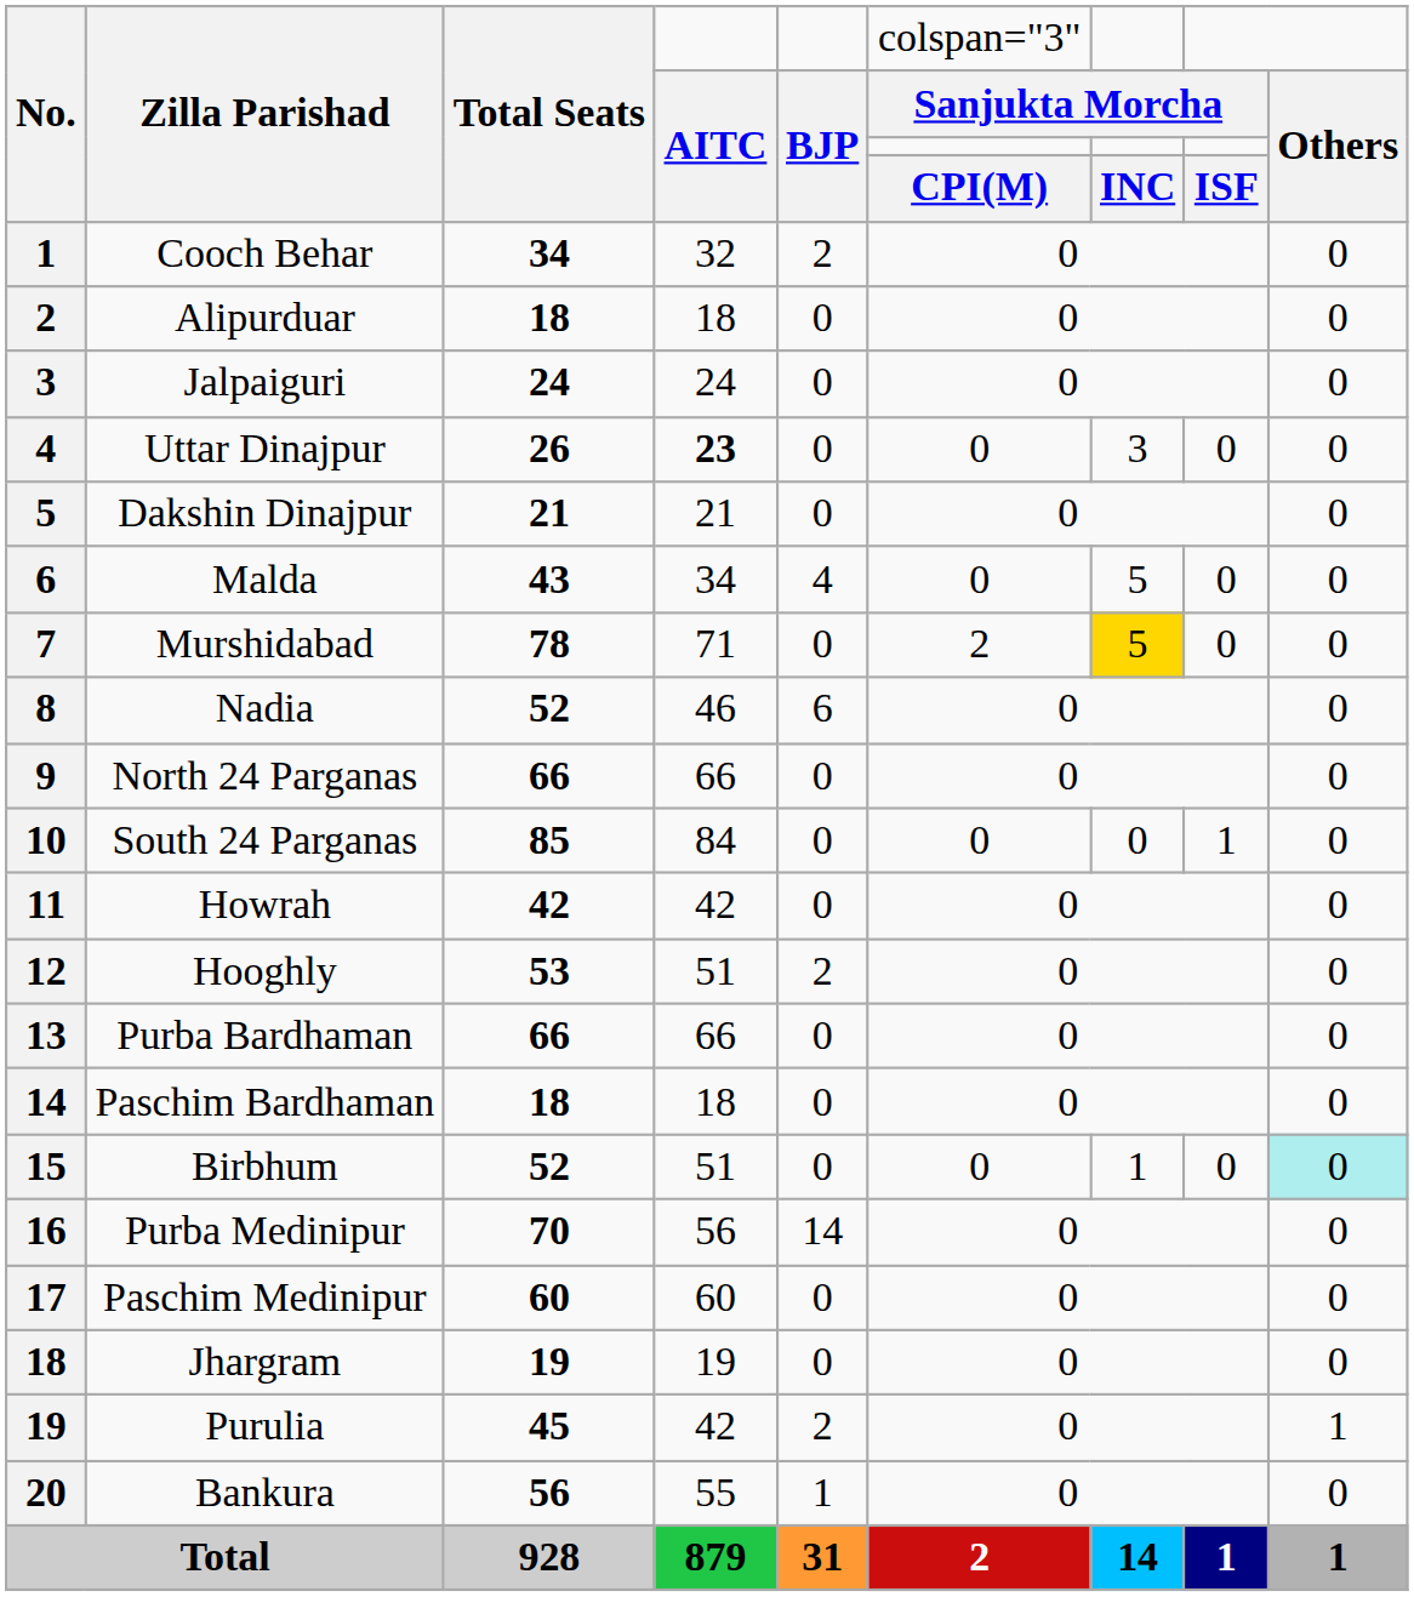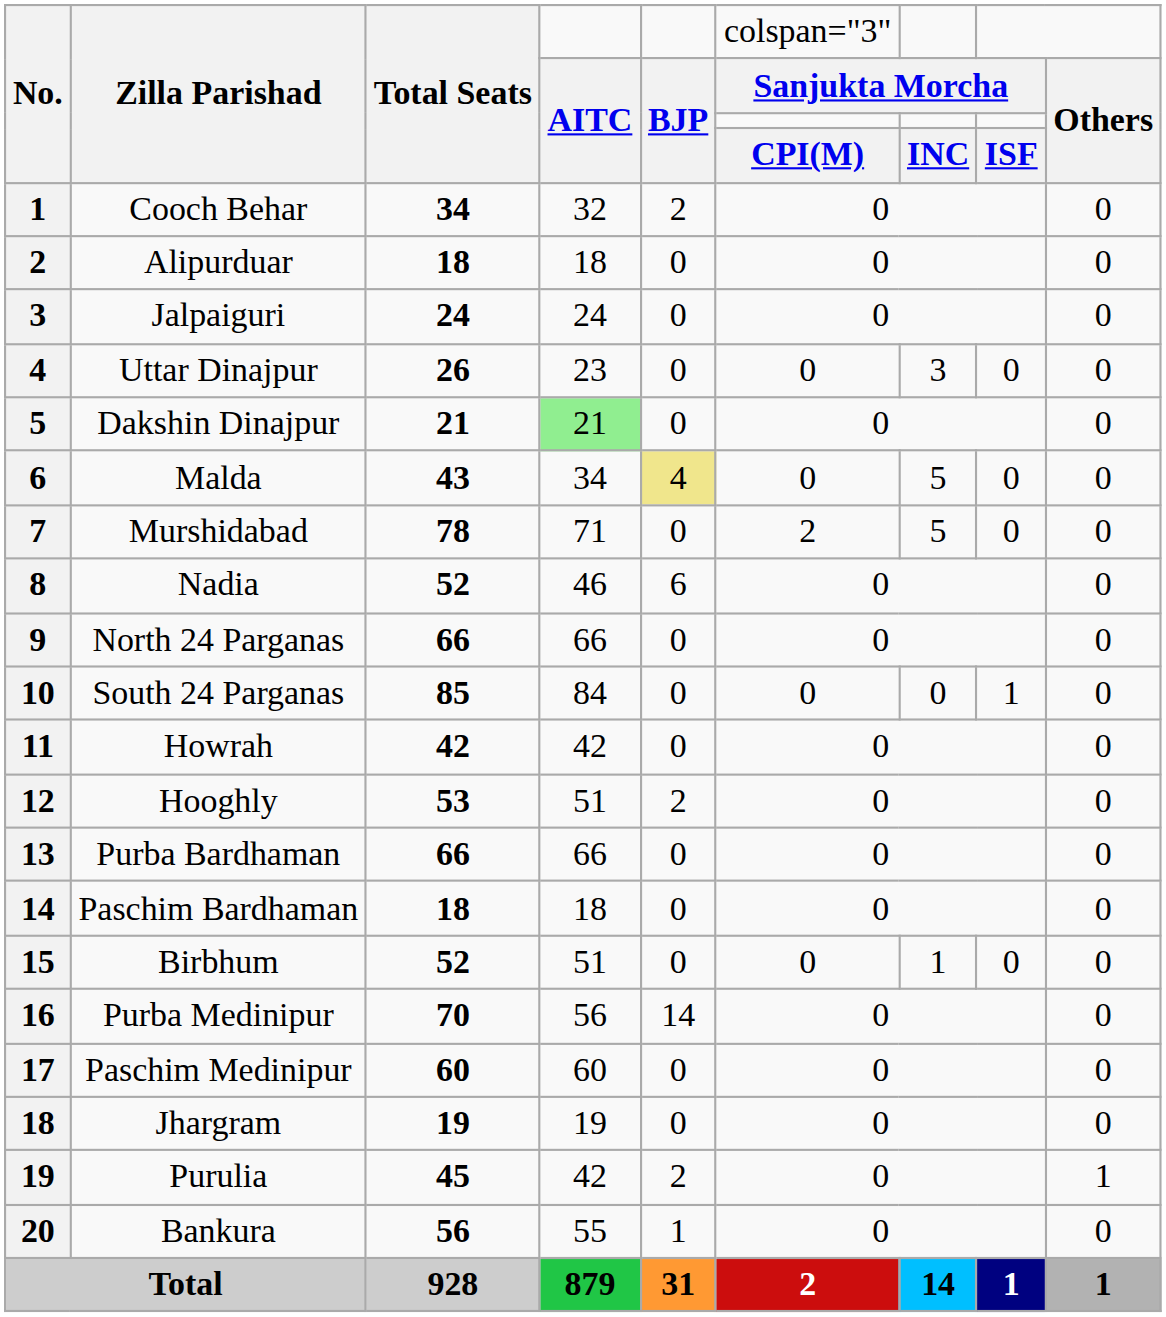 <table class="wikitable sortable" style="text-align:center">
 <tr>
 <th rowspan=4 align="Centre">No.</th>
 <th rowspan=4 align="Centre">Zilla Parishad</th>
 <th rowspan=4 align="Centre">Total Seats</th>
 <td></td>
 <td></td>
 <td>colspan="3" </td>
 <td></td>
 </tr>
 <tr>
 <th rowspan=3><a href='#'>AITC</a></th>
 <th rowspan=3><a href='#'>BJP</a></th>
 <th colspan="3"><a href='#'>Sanjukta Morcha</a></th>
 <th rowspan=3>Others</th>
 </tr>
 <tr>
 <td></td>
 <td></td>
 <td></td>
 </tr>
 <tr>
 <th><a href='#'>CPI(M)</a></th>
 <th><a href='#'>INC</a></th>
 <th><a href='#'>ISF</a></th>
 </tr>
 <tr>
 <th>1</th>
 <td>Cooch Behar</td>
 <td><strong>34</strong></td>
 <td>32</td>
 <td>2</td>
 <td colspan=3>0</td>
 <td>0</td>
 </tr>
 <tr>
 <th>2</th>
 <td>Alipurduar</td>
 <td><strong>18</strong></td>
 <td>18</td>
 <td>0</td>
 <td colspan=3>0</td>
 <td>0</td>
 </tr>
 <tr>
 <th>3</th>
 <td>Jalpaiguri</td>
 <td><strong>24</strong></td>
 <td>24</td>
 <td>0</td>
 <td colspan=3>0</td>
 <td>0</td>
 </tr>
 <tr>
 <th>4</th>
 <td>Uttar Dinajpur</td>
 <td><strong>26</strong></td>
-<td><strong>23</strong></td>
+<td>23</td>
 <td>0</td>
 <td>0</td>
 <td>3</td>
 <td>0</td>
 <td>0</td>
 </tr>
 <tr>
 <th>5</th>
 <td>Dakshin Dinajpur</td>
 <td><strong>21</strong></td>
-<td>21</td>
+<td style="background: lightgreen;">21</td>
 <td>0</td>
 <td colspan=3>0</td>
 <td>0</td>
 </tr>
 <tr>
 <th>6</th>
 <td>Malda</td>
 <td><strong>43</strong></td>
 <td>34</td>
-<td>4</td>
+<td style="background: khaki;">4</td>
 <td>0</td>
 <td>5</td>
 <td>0</td>
 <td>0</td>
 </tr>
 <tr>
 <th>7</th>
 <td>Murshidabad</td>
 <td><strong>78</strong></td>
 <td>71</td>
 <td>0</td>
 <td>2</td>
-<td style="background: gold;">5</td>
+<td>5</td>
 <td>0</td>
 <td>0</td>
 </tr>
 <tr>
 <th>8</th>
 <td>Nadia</td>
 <td><strong>52</strong></td>
 <td>46</td>
 <td>6</td>
 <td colspan=3>0</td>
 <td>0</td>
 </tr>
 <tr>
 <th>9</th>
 <td>North 24 Parganas</td>
 <td><strong>66</strong></td>
 <td>66</td>
 <td>0</td>
 <td colspan=3>0</td>
 <td>0</td>
 </tr>
 <tr>
 <th>10</th>
 <td>South 24 Parganas</td>
 <td><strong>85</strong></td>
 <td>84</td>
 <td>0</td>
 <td>0</td>
 <td>0</td>
 <td>1</td>
 <td>0</td>
 </tr>
 <tr>
 <th>11</th>
 <td>Howrah</td>
 <td><strong>42</strong></td>
 <td>42</td>
 <td>0</td>
 <td colspan=3>0</td>
 <td>0</td>
 </tr>
 <tr>
 <th>12</th>
 <td>Hooghly</td>
 <td><strong>53</strong></td>
 <td>51</td>
 <td>2</td>
 <td colspan=3>0</td>
 <td>0</td>
 </tr>
 <tr>
 <th>13</th>
 <td>Purba Bardhaman</td>
 <td><strong>66</strong></td>
 <td>66</td>
 <td>0</td>
 <td colspan=3>0</td>
 <td>0</td>
 </tr>
 <tr>
 <th>14</th>
 <td>Paschim Bardhaman</td>
 <td><strong>18</strong></td>
 <td>18</td>
 <td>0</td>
 <td colspan=3>0</td>
 <td>0</td>
 </tr>
 <tr>
 <th>15</th>
 <td>Birbhum</td>
 <td><strong>52</strong></td>
 <td>51</td>
 <td>0</td>
 <td>0</td>
 <td>1</td>
 <td>0</td>
-<td style="background: paleturquoise;">0</td>
+<td>0</td>
 </tr>
 <tr>
 <th>16</th>
 <td>Purba Medinipur</td>
 <td><strong>70</strong></td>
 <td>56</td>
 <td>14</td>
 <td colspan=3>0</td>
 <td>0</td>
 </tr>
 <tr>
 <th>17</th>
 <td>Paschim Medinipur</td>
 <td><strong>60</strong></td>
 <td>60</td>
 <td>0</td>
 <td colspan=3>0</td>
 <td>0</td>
 </tr>
 <tr>
 <th>18</th>
 <td>Jhargram</td>
 <td><strong>19</strong></td>
 <td>19</td>
 <td>0</td>
 <td colspan=3>0</td>
 <td>0</td>
 </tr>
 <tr>
 <th>19</th>
 <td>Purulia</td>
 <td><strong>45</strong></td>
 <td>42</td>
 <td>2</td>
 <td colspan=3>0</td>
 <td>1</td>
 </tr>
 <tr>
 <th>20</th>
 <td>Bankura</td>
 <td><strong>56</strong></td>
 <td>55</td>
 <td>1</td>
 <td colspan=3>0</td>
 <td>0</td>
 </tr>
 <tr>
 <th colspan=2 align=center style="background-color:#CDCDCD; color:black"><strong>Total</strong></th>
 <th align=center style="background-color:#CDCDCD; color:black"><strong>928</strong></th>
 <th align=center style="background-color:#20C646; color:black">879</th>
 <th align=center style="background-color:#FF9933; color:black">31</th>
 <th align=center style="background-color:#CC0D0D; color:white">2</th>
 <th align=center style="background-color:#00BFFF; color:black">14</th>
 <th align=center style="background-color:#000180; color:white">1</th>
 <th align=center style="background-color:#B2B2B2; color:black">1</th>
 </tr>
 </table>
